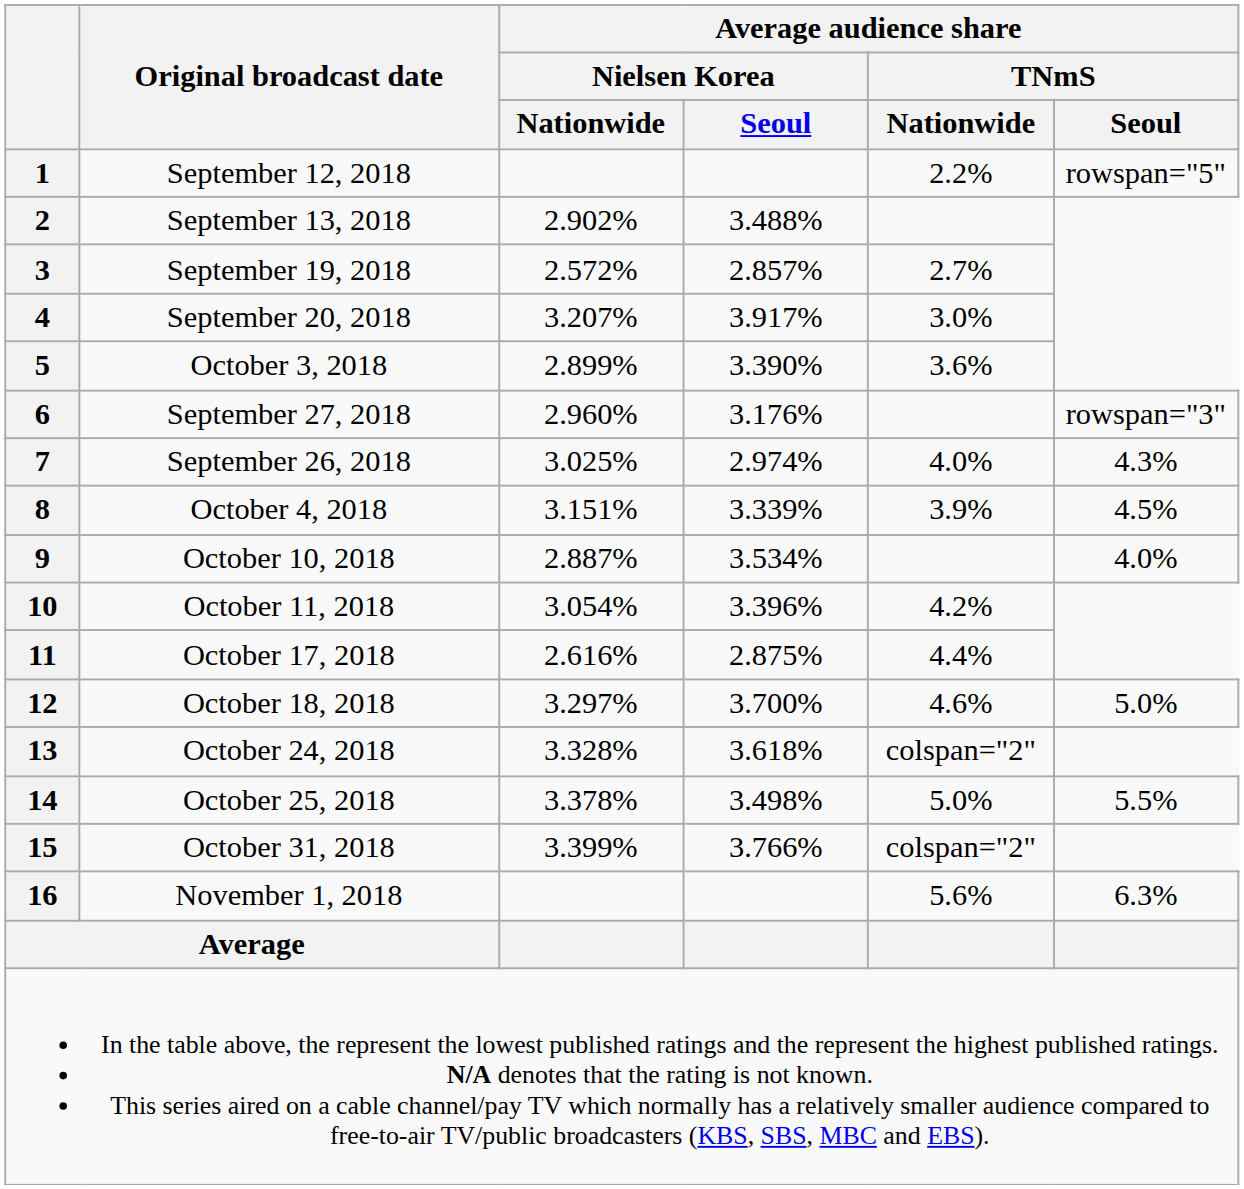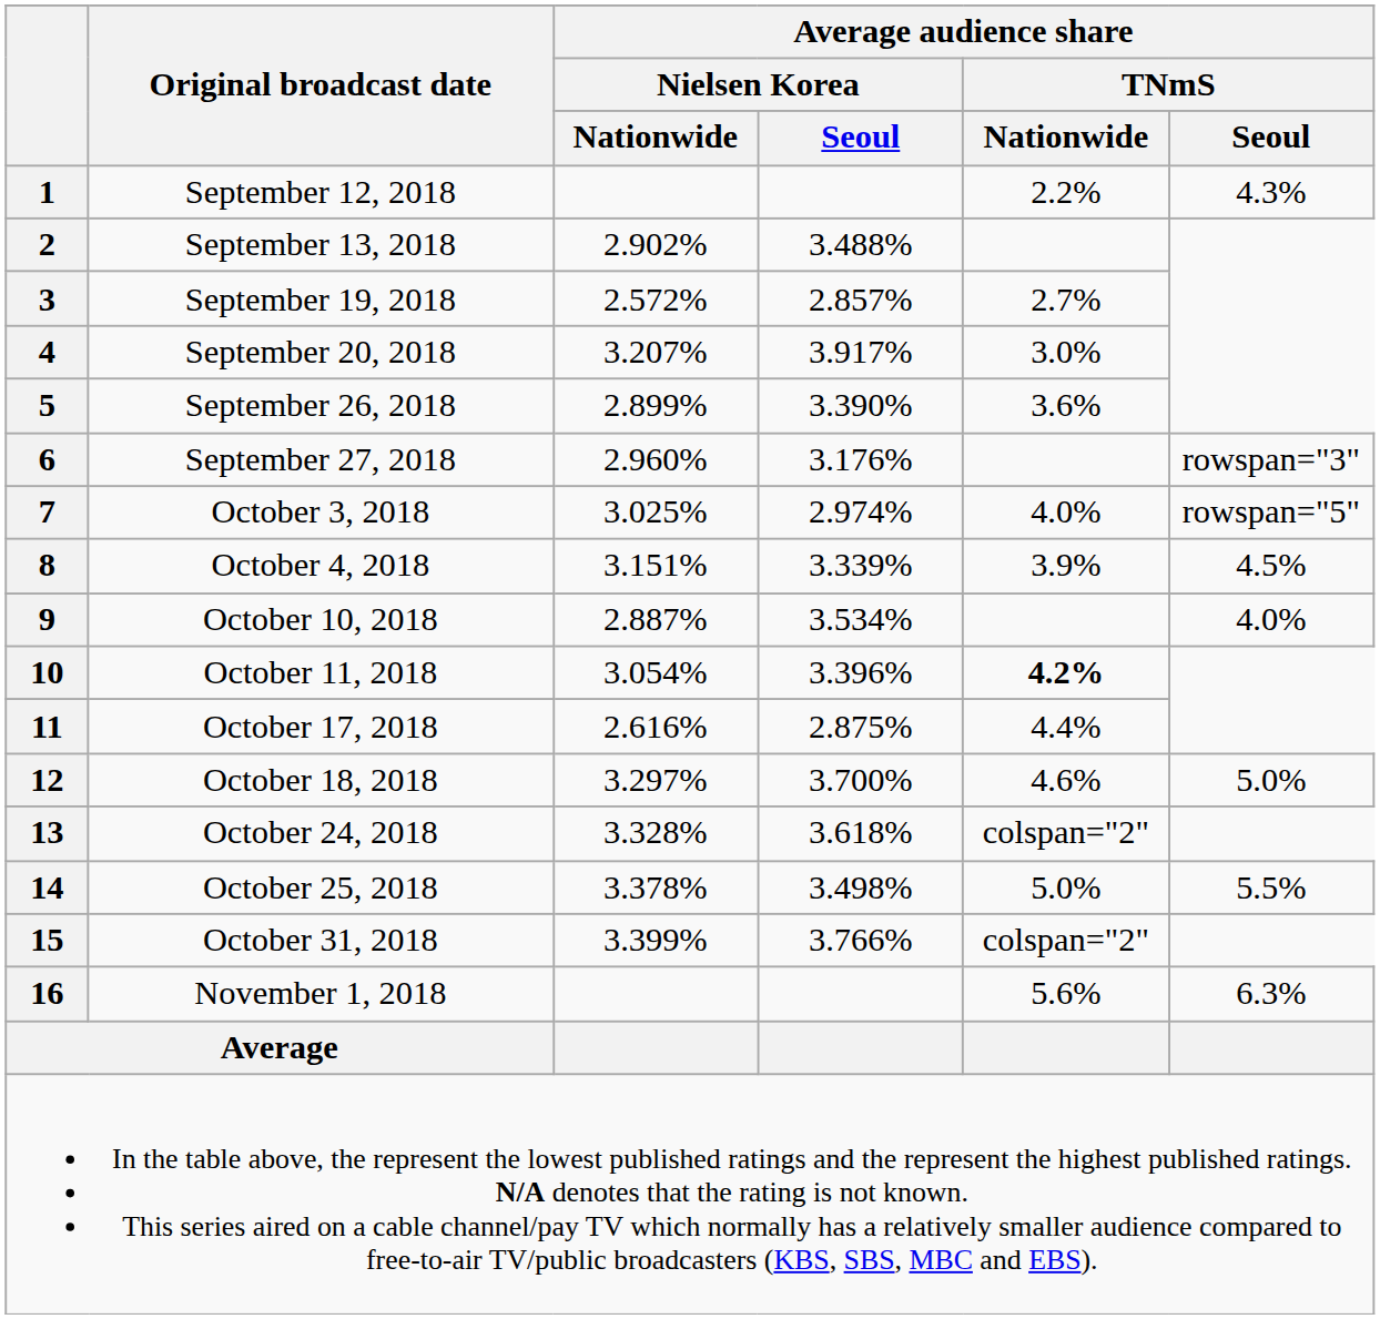 <table class="wikitable" style="text-align:center;max-width:650px; margin-left: auto; margin-right: auto; border: none;">
 <tr>
 </tr>
 <tr>
 <th rowspan="3"></th>
 <th rowspan="3">Original broadcast date</th>
 <th colspan="4">Average audience share</th>
 </tr>
 <tr>
 <th colspan="2">Nielsen Korea</th>
 <th colspan="2">TNmS</th>
 </tr>
 <tr>
 <th width="90">Nationwide</th>
 <th width="90"><a href='#'>Seoul</a></th>
 <th width="90">Nationwide</th>
 <th width="90">Seoul</th>
 </tr>
 <tr>
 <th>1</th>
 <td>September 12, 2018</td>
 <td> </td>
 <td> </td>
 <td>2.2% </td>
-<td>rowspan="5" </td>
+<td>4.3%</td>
 </tr>
 <tr>
 <th>2</th>
 <td>September 13, 2018</td>
 <td>2.902% </td>
 <td>3.488% </td>
 <td></td>
 </tr>
 <tr>
 <th>3</th>
 <td>September 19, 2018</td>
 <td>2.572% </td>
 <td>2.857% </td>
 <td>2.7%</td>
 </tr>
 <tr>
 <th>4</th>
 <td>September 20, 2018</td>
 <td>3.207% </td>
 <td>3.917% </td>
 <td>3.0%</td>
 </tr>
 <tr>
 <th>5</th>
-<td>October 3, 2018</td>
+<td>September 26, 2018</td>
 <td>2.899% </td>
 <td>3.390% </td>
 <td>3.6%</td>
 </tr>
 <tr>
 <th>6</th>
 <td>September 27, 2018</td>
 <td>2.960% </td>
 <td>3.176% </td>
 <td></td>
 <td>rowspan="3" </td>
 </tr>
 <tr>
 <th>7</th>
-<td>September 26, 2018</td>
+<td>October 3, 2018</td>
 <td>3.025% </td>
 <td>2.974% </td>
 <td>4.0%</td>
-<td>4.3%</td>
+<td>rowspan="5" </td>
 </tr>
 <tr>
 <th>8</th>
 <td>October 4, 2018</td>
 <td>3.151% </td>
 <td>3.339% </td>
 <td>3.9%</td>
 <td>4.5%</td>
 </tr>
 <tr>
 <th>9</th>
 <td>October 10, 2018</td>
 <td>2.887% </td>
 <td>3.534% </td>
 <td></td>
 <td>4.0%</td>
 </tr>
 <tr>
 <th>10</th>
 <td>October 11, 2018</td>
 <td>3.054% </td>
 <td>3.396% </td>
-<td>4.2%</td>
+<td><strong>4.2%</strong></td>
 </tr>
 <tr>
 <th>11</th>
 <td>October 17, 2018</td>
 <td>2.616% </td>
 <td>2.875% </td>
 <td>4.4%</td>
 </tr>
 <tr>
 <th>12</th>
 <td>October 18, 2018</td>
 <td>3.297% </td>
 <td>3.700% </td>
 <td>4.6%</td>
 <td>5.0%</td>
 </tr>
 <tr>
 <th>13</th>
 <td>October 24, 2018</td>
 <td>3.328% </td>
 <td>3.618% </td>
 <td>colspan="2" </td>
 </tr>
 <tr>
 <th>14</th>
 <td>October 25, 2018</td>
 <td>3.378% </td>
 <td>3.498% </td>
 <td>5.0%</td>
 <td>5.5%</td>
 </tr>
 <tr>
 <th>15</th>
 <td>October 31, 2018</td>
 <td>3.399% </td>
 <td>3.766% </td>
 <td>colspan="2" </td>
 </tr>
 <tr>
 <th>16</th>
 <td>November 1, 2018</td>
 <td> </td>
 <td> </td>
 <td>5.6%</td>
 <td>6.3%</td>
 </tr>
 <tr>
 <th colspan=2>Average</th>
 <th></th>
 <th></th>
 <th></th>
 <th></th>
 </tr>
 <tr>
 <td colspan="6" style="font-size:85%"><br><ul><li>In the table above, the <strong></strong> represent the lowest published ratings and the <strong></strong> represent the highest published ratings.</li><li><strong>N/A</strong> denotes that the rating is not known.</li><li>This series aired on a cable channel/pay TV which normally has a relatively smaller audience compared to free-to-air TV/public broadcasters (<a href='#'>KBS</a>, <a href='#'>SBS</a>, <a href='#'>MBC</a> and <a href='#'>EBS</a>).</li></ul></td>
 </tr>
 </table>
